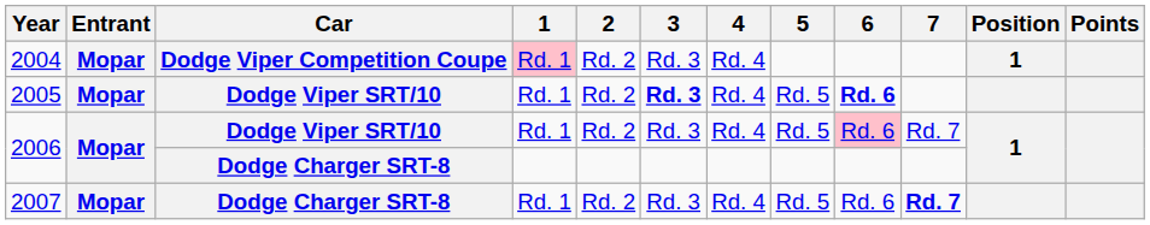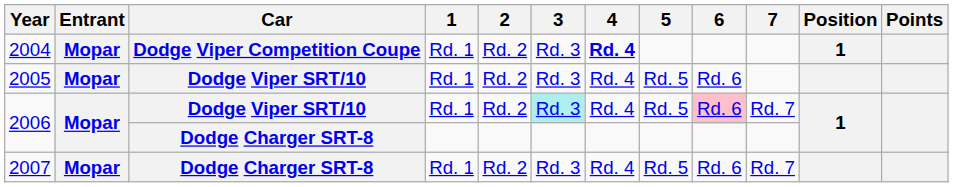 <table class="wikitable" style="text-align:center; font-size:95%">
 <tr>
 <th>Year</th>
 <th>Entrant</th>
 <th>Car</th>
 <th>1</th>
 <th>2</th>
 <th>3</th>
 <th>4</th>
 <th>5</th>
 <th>6</th>
 <th>7</th>
 <th>Position</th>
 <th>Points</th>
 </tr>
 <tr>
 <td><a href='#'>2004</a></td>
 <th><a href='#'>Mopar</a></th>
 <th><a href='#'>Dodge</a> <a href='#'>Viper Competition Coupe</a></th>
-<td style="background: pink;"><a href='#'>Rd. 1</a><br><small></small></td>
+<td><a href='#'>Rd. 1</a><br><small></small></td>
 <td><a href='#'>Rd. 2</a><br><small></small></td>
 <td><a href='#'>Rd. 3</a><br><small></small></td>
-<td><a href='#'>Rd. 4</a><br><small></small></td>
+<td><strong><a href='#'>Rd. 4</a><br><small></small></strong></td>
 <td></td>
 <td></td>
 <td></td>
 <th>1</th>
 <th></th>
 </tr>
 <tr>
 <td><a href='#'>2005</a></td>
 <th><a href='#'>Mopar</a></th>
 <th><a href='#'>Dodge</a> <a href='#'>Viper SRT/10</a></th>
 <td><a href='#'>Rd. 1</a><br><small></small></td>
 <td><a href='#'>Rd. 2</a><br><small></small></td>
-<td><strong><a href='#'>Rd. 3</a><br><small></small></strong></td>
+<td><a href='#'>Rd. 3</a><br><small></small></td>
 <td><a href='#'>Rd. 4</a><br><small></small></td>
 <td><a href='#'>Rd. 5</a><br><small></small></td>
-<td><strong><a href='#'>Rd. 6</a><br><small></small></strong></td>
+<td><a href='#'>Rd. 6</a><br><small></small></td>
 <td></td>
 <th></th>
 <th></th>
 </tr>
 <tr>
 <td rowspan="2"><a href='#'>2006</a></td>
 <th rowspan="2"><a href='#'>Mopar</a></th>
 <th><a href='#'>Dodge</a> <a href='#'>Viper SRT/10</a></th>
 <td><a href='#'>Rd. 1</a><br><small></small></td>
 <td><a href='#'>Rd. 2</a><br><small></small></td>
-<td><a href='#'>Rd. 3</a><br><small></small></td>
+<td style="background: paleturquoise;"><a href='#'>Rd. 3</a><br><small></small></td>
 <td><a href='#'>Rd. 4</a><br><small></small></td>
 <td><a href='#'>Rd. 5</a><br><small></small></td>
 <td style="background: pink;"><a href='#'>Rd. 6</a><br><small></small></td>
 <td><a href='#'>Rd. 7</a><br><small></small></td>
 <th rowspan="2">1</th>
 <th rowspan="2"></th>
 </tr>
 <tr>
 <th><a href='#'>Dodge</a> <a href='#'>Charger SRT-8</a></th>
 <td></td>
 <td></td>
 <td></td>
 <td></td>
 <td></td>
 <td></td>
 <td></td>
 </tr>
 <tr>
 <td><a href='#'>2007</a></td>
 <th><a href='#'>Mopar</a></th>
 <th><a href='#'>Dodge</a> <a href='#'>Charger SRT-8</a></th>
 <td><a href='#'>Rd. 1</a><br><small></small></td>
 <td><a href='#'>Rd. 2</a><br><small></small></td>
 <td><a href='#'>Rd. 3</a><br><small></small></td>
 <td><a href='#'>Rd. 4</a><br><small></small></td>
 <td><a href='#'>Rd. 5</a><br><small></small></td>
 <td><a href='#'>Rd. 6</a><br><small></small></td>
-<td><strong><a href='#'>Rd. 7</a><br><small></small></strong></td>
+<td><a href='#'>Rd. 7</a><br><small></small></td>
 <th></th>
 <th></th>
 </tr>
 </table>
